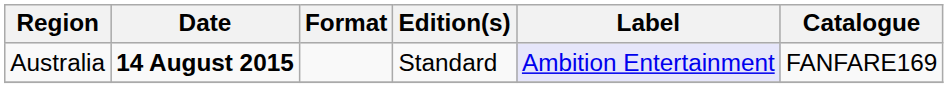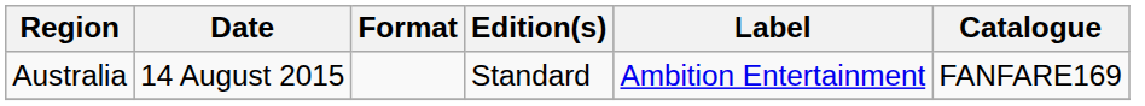 <table class="wikitable plainrowheaders">
 <tr>
 <th scope="col">Region</th>
 <th scope="col">Date</th>
 <th scope="col">Format</th>
 <th scope="col">Edition(s)</th>
 <th scope="col">Label</th>
 <th scope="col">Catalogue</th>
 </tr>
 <tr>
 <td>Australia</td>
-<td><strong>14 August 2015</strong></td>
+<td>14 August 2015</td>
 <td></td>
 <td>Standard</td>
-<td style="background: lavender;"><a href='#'>Ambition Entertainment</a></td>
+<td><a href='#'>Ambition Entertainment</a></td>
 <td>FANFARE169</td>
 </tr>
 <tr>
 </tr>
 </table>
